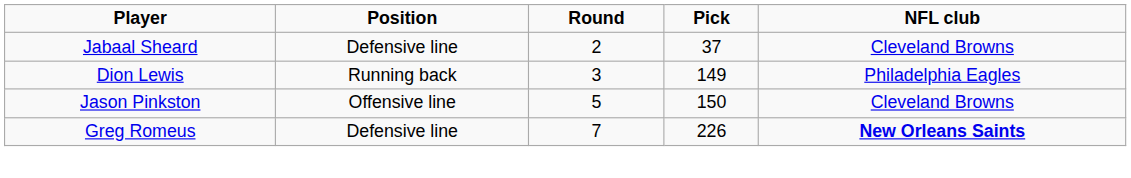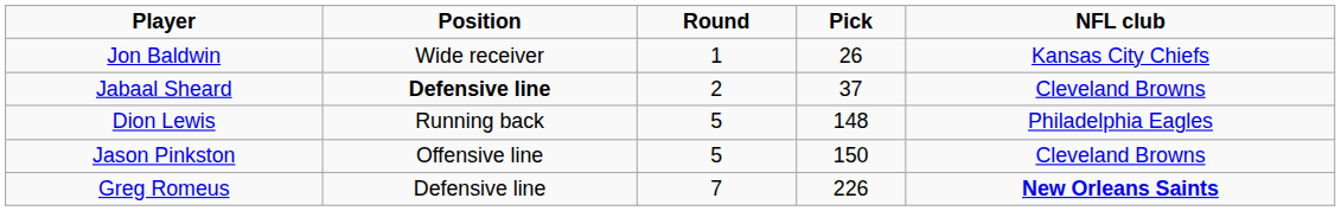 <table class="wikitable" style="width:80%;">
 <tr style="text-align:center; ">
 <td><strong>Player</strong></td>
 <td><strong>Position</strong></td>
 <td><strong>Round</strong></td>
 <td><strong>Pick</strong></td>
 <td><strong>NFL club</strong></td>
 </tr>
 <tr align="center" bgcolor="">
+<td><a href='#'>Jon Baldwin</a></td>
+<td>Wide receiver</td>
+<td>1</td>
+<td>26</td>
+<td><a href='#'>Kansas City Chiefs</a></td>
+</tr>
+<tr align="center" bgcolor="">
 <td><a href='#'>Jabaal Sheard</a></td>
-<td>Defensive line</td>
+<td><strong>Defensive line</strong></td>
 <td>2</td>
 <td>37</td>
 <td><a href='#'>Cleveland Browns</a></td>
 </tr>
 <tr align="center" bgcolor="">
 <td><a href='#'>Dion Lewis</a></td>
 <td>Running back</td>
-<td>3</td>
-<td>149</td>
+<td>5</td>
+<td>148</td>
 <td><a href='#'>Philadelphia Eagles</a></td>
 </tr>
 <tr align="center" bgcolor="">
 <td><a href='#'>Jason Pinkston</a></td>
 <td>Offensive line</td>
 <td>5</td>
 <td>150</td>
 <td><a href='#'>Cleveland Browns</a></td>
 </tr>
 <tr align="center" bgcolor="">
 <td><a href='#'>Greg Romeus</a></td>
 <td>Defensive line</td>
 <td>7</td>
 <td>226</td>
 <td><strong><a href='#'>New Orleans Saints</a></strong></td>
 </tr>
 </table>
